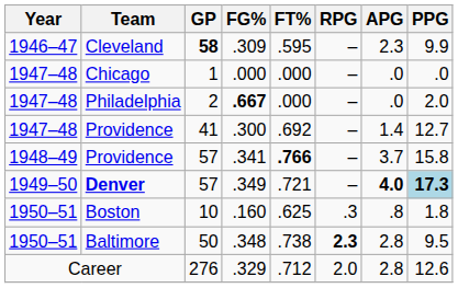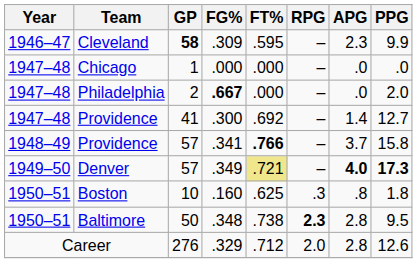 <table class="wikitable sortable" style="font-size:95%; text-align:right;">
 <tr>
 <th>Year</th>
 <th>Team</th>
 <th>GP</th>
 <th>FG%</th>
 <th>FT%</th>
 <th>RPG</th>
 <th>APG</th>
 <th>PPG</th>
 </tr>
 <tr>
 <td style="text-align:left;"><a href='#'>1946–47</a></td>
 <td style="text-align:left;"><a href='#'>Cleveland</a></td>
 <td><strong>58</strong></td>
 <td>.309</td>
 <td>.595</td>
 <td>–</td>
 <td>2.3</td>
 <td>9.9</td>
 </tr>
 <tr>
 <td style="text-align:left;"><a href='#'>1947–48</a></td>
 <td style="text-align:left;"><a href='#'>Chicago</a></td>
 <td>1</td>
 <td>.000</td>
 <td>.000</td>
 <td>–</td>
 <td>.0</td>
 <td>.0</td>
 </tr>
 <tr>
 <td style="text-align:left;"><a href='#'>1947–48</a></td>
 <td style="text-align:left;"><a href='#'>Philadelphia</a></td>
 <td>2</td>
 <td><strong>.667</strong></td>
 <td>.000</td>
 <td>–</td>
 <td>.0</td>
 <td>2.0</td>
 </tr>
 <tr>
 <td style="text-align:left;"><a href='#'>1947–48</a></td>
 <td style="text-align:left;"><a href='#'>Providence</a></td>
 <td>41</td>
 <td>.300</td>
 <td>.692</td>
 <td>–</td>
 <td>1.4</td>
 <td>12.7</td>
 </tr>
 <tr>
 <td style="text-align:left;"><a href='#'>1948–49</a></td>
 <td style="text-align:left;"><a href='#'>Providence</a></td>
 <td>57</td>
 <td>.341</td>
 <td><strong>.766</strong></td>
 <td>–</td>
 <td>3.7</td>
 <td>15.8</td>
 </tr>
 <tr>
 <td style="text-align:left;"><a href='#'>1949–50</a></td>
-<td style="text-align:left;"><strong><a href='#'>Denver</a></strong></td>
+<td style="text-align:left;"><a href='#'>Denver</a></td>
 <td>57</td>
 <td>.349</td>
-<td>.721</td>
+<td style="background: khaki;">.721</td>
 <td>–</td>
 <td><strong>4.0</strong></td>
-<td style="background: lightblue;"><strong>17.3</strong></td>
+<td><strong>17.3</strong></td>
 </tr>
 <tr>
 <td style="text-align:left;"><a href='#'>1950–51</a></td>
 <td style="text-align:left;"><a href='#'>Boston</a></td>
 <td>10</td>
 <td>.160</td>
 <td>.625</td>
 <td>.3</td>
 <td>.8</td>
 <td>1.8</td>
 </tr>
 <tr>
 <td style="text-align:left;"><a href='#'>1950–51</a></td>
 <td style="text-align:left;"><a href='#'>Baltimore</a></td>
 <td>50</td>
 <td>.348</td>
 <td>.738</td>
 <td><strong>2.3</strong></td>
 <td>2.8</td>
 <td>9.5</td>
 </tr>
 <tr>
 <td style="text-align:center;" colspan="2">Career</td>
 <td>276</td>
 <td>.329</td>
 <td>.712</td>
 <td>2.0</td>
 <td>2.8</td>
 <td>12.6</td>
 </tr>
 <tr>
 </tr>
 </table>
